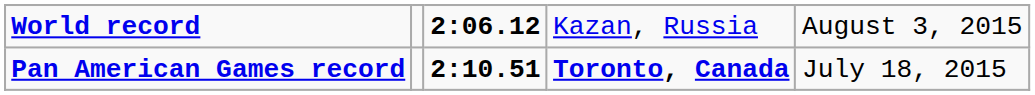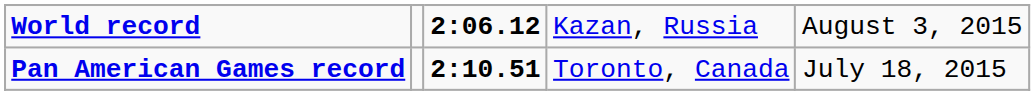 <table class="wikitable">
 <tr>
 <td><strong><a href='#'>World record</a></strong></td>
 <td></td>
 <td><strong>2:06.12</strong></td>
 <td><a href='#'>Kazan</a>, <a href='#'>Russia</a></td>
 <td>August 3, 2015</td>
 </tr>
 <tr>
 <td><strong><a href='#'>Pan American Games record</a></strong></td>
 <td></td>
 <td><strong>2:10.51</strong></td>
-<td><strong><a href='#'>Toronto</a>, <a href='#'>Canada</a></strong></td>
+<td><a href='#'>Toronto</a>, <a href='#'>Canada</a></td>
 <td>July 18, 2015</td>
 </tr>
 </table>
